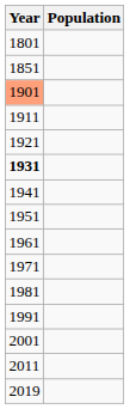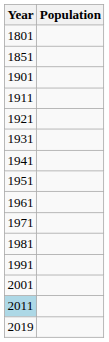 <table class="wikitable">
 <tr>
 <th>Year</th>
 <th colspan="2">Population</th>
 </tr>
 <tr>
 <td>1801</td>
 <td style="text-align:right;"></td>
 </tr>
 <tr>
 <td>1851</td>
 <td style="text-align:right;"></td>
 </tr>
 <tr>
-<td style="background: lightsalmon;">1901</td>
+<td>1901</td>
 <td></td>
 </tr>
 <tr>
 <td>1911</td>
 <td></td>
 </tr>
 <tr>
 <td>1921</td>
 <td></td>
 </tr>
 <tr>
-<td><strong>1931</strong></td>
+<td>1931</td>
 <td></td>
 </tr>
 <tr>
 <td>1941</td>
 <td></td>
 </tr>
 <tr>
 <td>1951</td>
 <td></td>
 </tr>
 <tr>
 <td>1961</td>
 <td></td>
 </tr>
 <tr>
 <td>1971</td>
 <td></td>
 </tr>
 <tr>
 <td>1981</td>
 <td></td>
 </tr>
 <tr>
 <td>1991</td>
 <td></td>
 </tr>
 <tr>
 <td>2001</td>
 <td></td>
 </tr>
 <tr>
-<td>2011</td>
+<td style="background: lightblue;">2011</td>
 <td></td>
 </tr>
 <tr>
 <td>2019</td>
 <td></td>
 </tr>
 </table>
